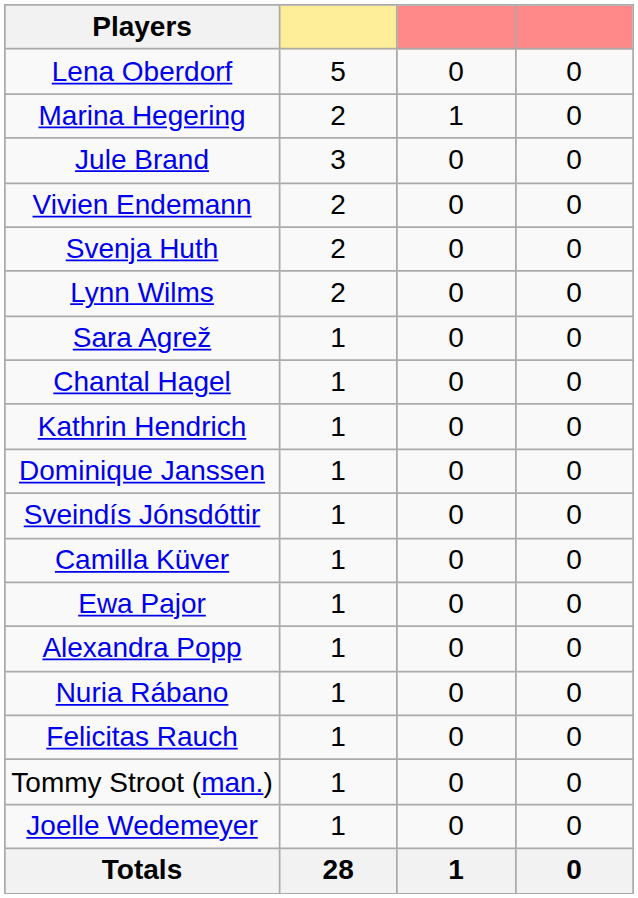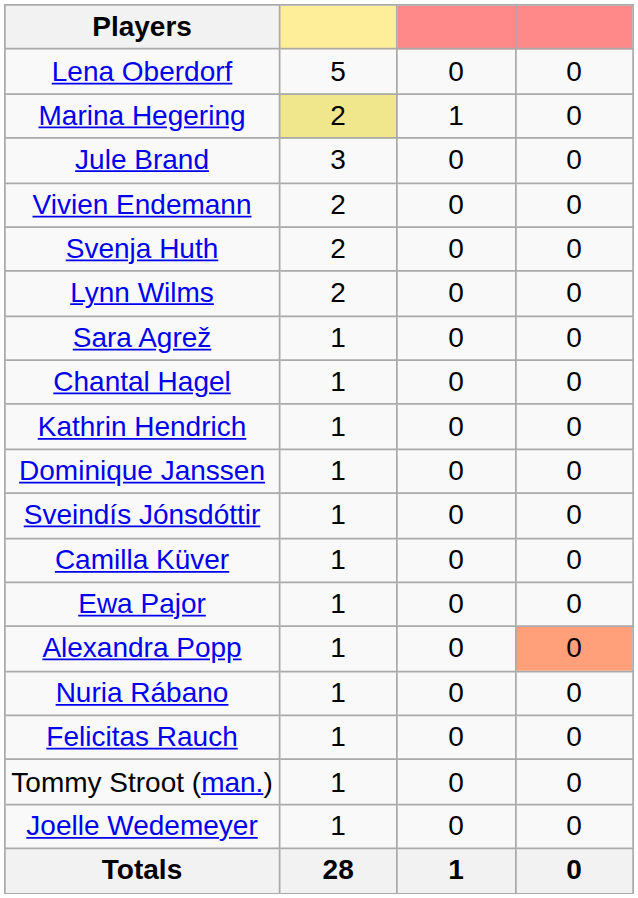 <table class="wikitable" style="text-align:center;">
 <tr style="text-align:center;">
 <th>Players</th>
 <th style="width:60px; background:#fe9;"></th>
 <th style="width:60px; background:#ff8888;"></th>
 <th style="width:60px; background:#ff8888;"></th>
 </tr>
 <tr>
 <td><a href='#'>Lena Oberdorf</a></td>
 <td>5</td>
 <td>0</td>
 <td>0</td>
 </tr>
 <tr>
 <td><a href='#'>Marina Hegering</a></td>
-<td>2</td>
+<td style="background: khaki;">2</td>
 <td>1</td>
 <td>0</td>
 </tr>
 <tr>
 <td><a href='#'>Jule Brand</a></td>
 <td>3</td>
 <td>0</td>
 <td>0</td>
 </tr>
 <tr>
 <td><a href='#'>Vivien Endemann</a></td>
 <td>2</td>
 <td>0</td>
 <td>0</td>
 </tr>
 <tr>
 <td><a href='#'>Svenja Huth</a></td>
 <td>2</td>
 <td>0</td>
 <td>0</td>
 </tr>
 <tr>
 <td><a href='#'>Lynn Wilms</a></td>
 <td>2</td>
 <td>0</td>
 <td>0</td>
 </tr>
 <tr>
 <td><a href='#'>Sara Agrež</a></td>
 <td>1</td>
 <td>0</td>
 <td>0</td>
 </tr>
 <tr>
 <td><a href='#'>Chantal Hagel</a></td>
 <td>1</td>
 <td>0</td>
 <td>0</td>
 </tr>
 <tr>
 <td><a href='#'>Kathrin Hendrich</a></td>
 <td>1</td>
 <td>0</td>
 <td>0</td>
 </tr>
 <tr>
 <td><a href='#'>Dominique Janssen</a></td>
 <td>1</td>
 <td>0</td>
 <td>0</td>
 </tr>
 <tr>
 <td><a href='#'>Sveindís Jónsdóttir</a></td>
 <td>1</td>
 <td>0</td>
 <td>0</td>
 </tr>
 <tr>
 <td><a href='#'>Camilla Küver</a></td>
 <td>1</td>
 <td>0</td>
 <td>0</td>
 </tr>
 <tr>
 <td><a href='#'>Ewa Pajor</a></td>
 <td>1</td>
 <td>0</td>
 <td>0</td>
 </tr>
 <tr>
 <td><a href='#'>Alexandra Popp</a></td>
 <td>1</td>
 <td>0</td>
-<td>0</td>
+<td style="background: lightsalmon;">0</td>
 </tr>
 <tr>
 <td><a href='#'>Nuria Rábano</a></td>
 <td>1</td>
 <td>0</td>
 <td>0</td>
 </tr>
 <tr>
 <td><a href='#'>Felicitas Rauch</a></td>
 <td>1</td>
 <td>0</td>
 <td>0</td>
 </tr>
 <tr>
 <td>Tommy Stroot (<a href='#'>man.</a>)</td>
 <td>1</td>
 <td>0</td>
 <td>0</td>
 </tr>
 <tr>
 <td><a href='#'>Joelle Wedemeyer</a></td>
 <td>1</td>
 <td>0</td>
 <td>0</td>
 </tr>
 <tr>
 <th>Totals</th>
 <th>28</th>
 <th>1</th>
 <th>0</th>
 </tr>
 </table>
